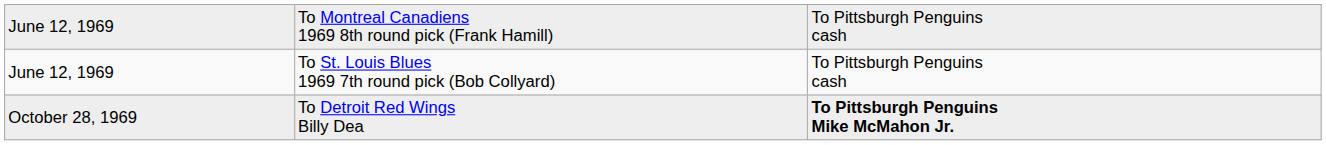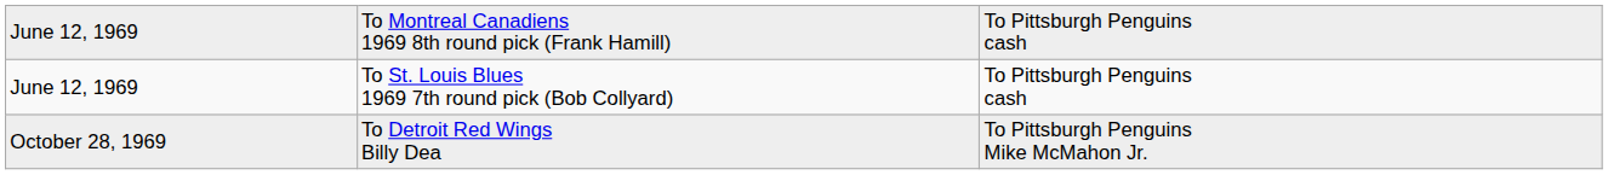 <table class="wikitable" style="border:1px solid #999999; width:80%;">
 <tr bgcolor="eeeeee">
 <td style='width:22%;'>June 12, 1969</td>
 <td style='width:39%;' valign='top'>To <a href='#'>Montreal Canadiens</a><br>1969 8th round pick (Frank Hamill)</td>
 <td style='width:39%;' valign='top'>To Pittsburgh Penguins<br>cash</td>
 </tr>
 <tr>
 <td style='width:22%;'>June 12, 1969</td>
 <td style='width:39%;' valign='top'>To <a href='#'>St. Louis Blues</a><br>1969 7th round pick (Bob Collyard)</td>
 <td style='width:39%;' valign='top'>To Pittsburgh Penguins<br>cash</td>
 </tr>
 <tr bgcolor="eeeeee">
 <td style='width:22%;'>October 28, 1969</td>
 <td style='width:39%;' valign='top'>To <a href='#'>Detroit Red Wings</a><br>Billy Dea</td>
-<td style='width:39%;' valign='top'><strong>To Pittsburgh Penguins<br>Mike McMahon Jr.</strong></td>
+<td style='width:39%;' valign='top'>To Pittsburgh Penguins<br>Mike McMahon Jr.</td>
 </tr>
 </table>
